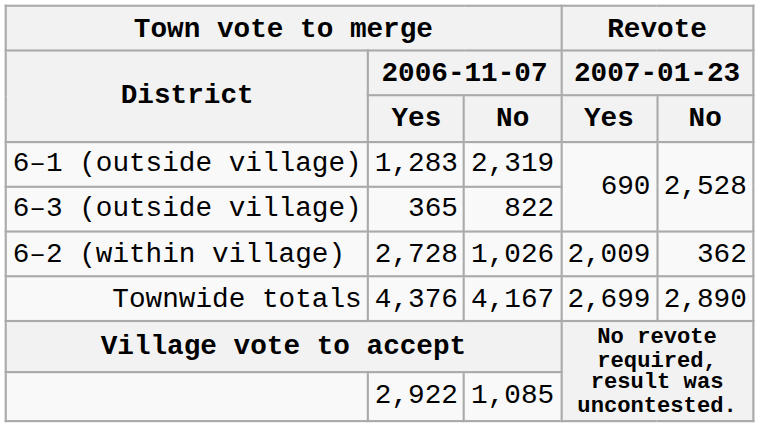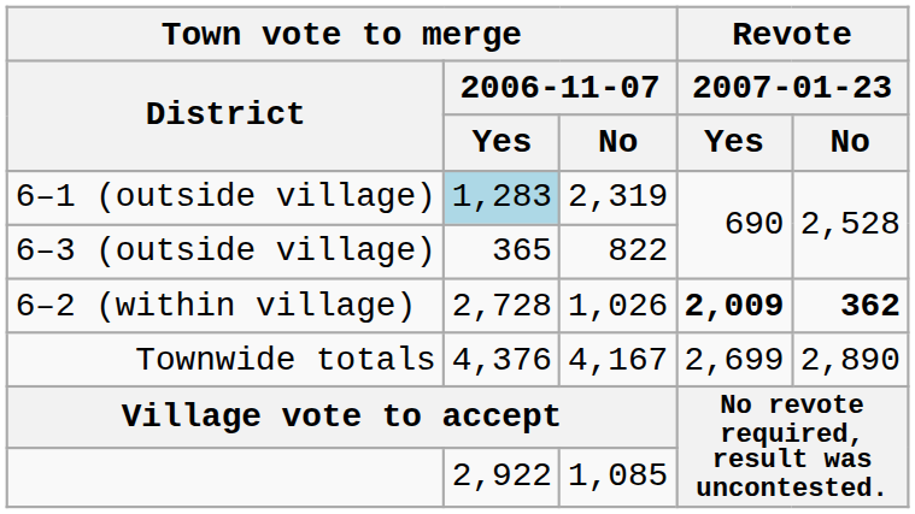 <table class="wikitable" align="right" style="margin-left: 8px; text-align:right">
 <tr>
 <th colspan="3">Town vote to merge</th>
 <th colspan="2">Revote</th>
 </tr>
 <tr>
 <th rowspan="2">District</th>
 <th colspan="2">2006-11-07</th>
 <th colspan="2">2007-01-23</th>
 </tr>
 <tr>
 <th>Yes</th>
 <th>No</th>
 <th>Yes</th>
 <th>No</th>
 </tr>
 <tr>
 <td align="left">6–1 (outside village)</td>
-<td>1,283</td>
+<td style="background: lightblue;">1,283</td>
 <td>2,319</td>
 <td rowspan="2">690</td>
 <td rowspan="2">2,528</td>
 </tr>
 <tr>
 <td align="left">6–3 (outside village)</td>
 <td>365</td>
 <td>822</td>
 </tr>
 <tr>
 <td align="left">6–2 (within village)</td>
 <td>2,728</td>
 <td>1,026</td>
-<td>2,009</td>
-<td>362</td>
+<td><strong>2,009</strong></td>
+<td><strong>362</strong></td>
 </tr>
 <tr>
 <td>Townwide totals</td>
 <td>4,376</td>
 <td>4,167</td>
 <td>2,699</td>
 <td>2,890</td>
 </tr>
 <tr>
 <th colspan="3">Village vote to accept</th>
 <th colspan="2" rowspan="2" style="font-size: 80%; line-height: 100%;">No revote <br>required, <br>result was <br>uncontested.</th>
 </tr>
 <tr>
 <td> </td>
 <td>2,922</td>
 <td>1,085</td>
 </tr>
 </table>
